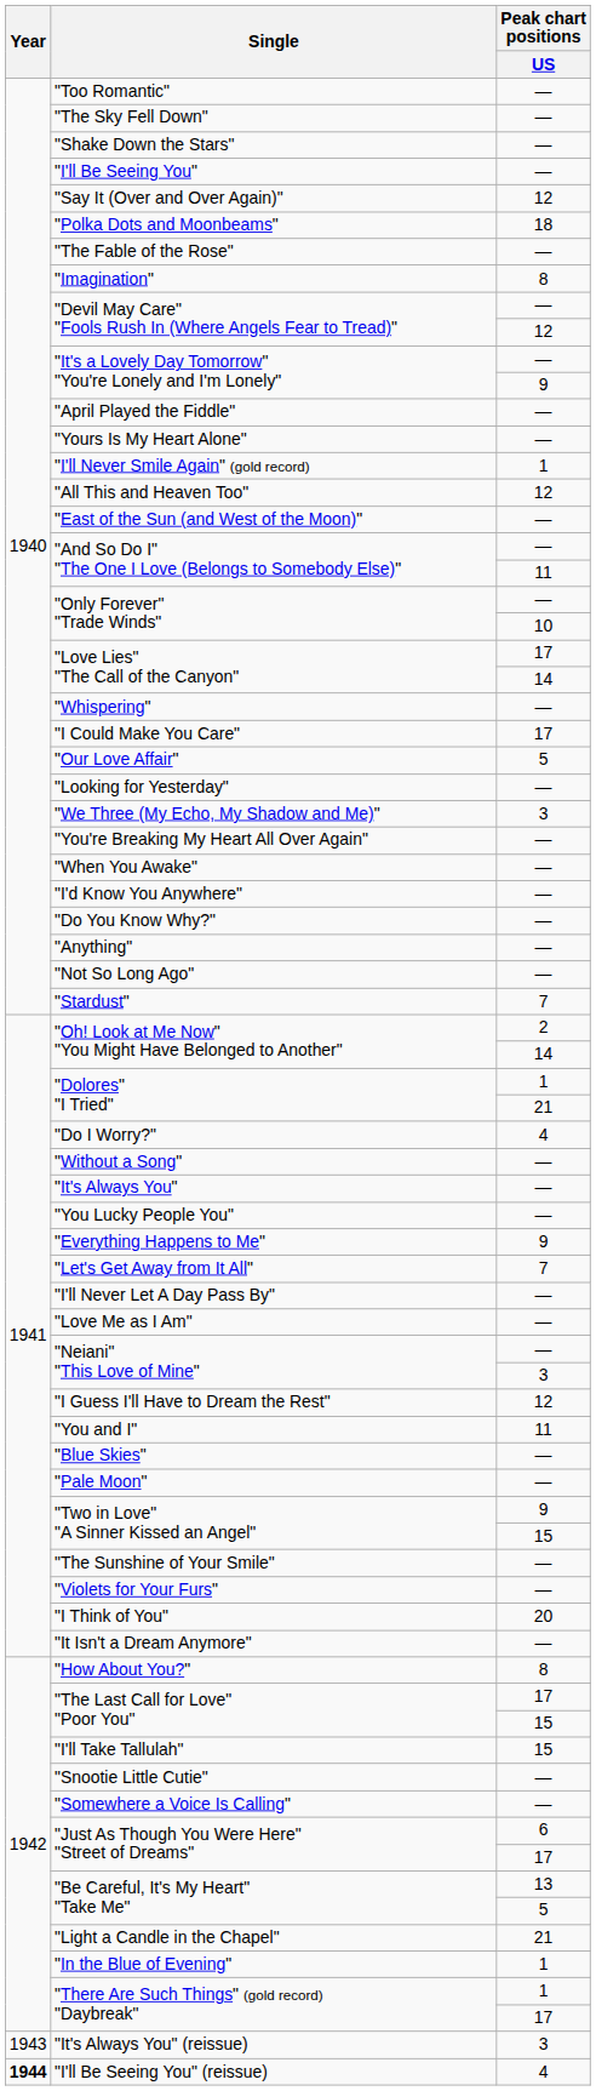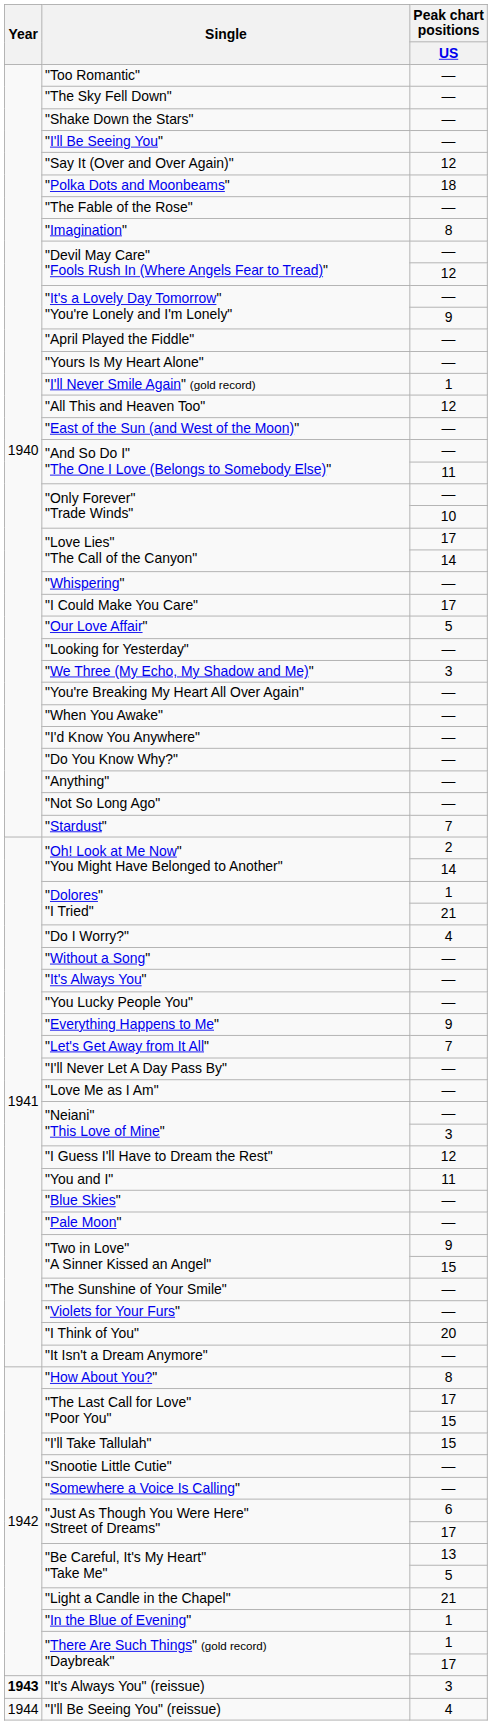 <table class="wikitable" plainrowheaders" style="text-align:center">
 <tr>
 <th rowspan="2">Year</th>
 <th rowspan=2 style=width:26em;>Single</th>
 <th>Peak chart<br>positions</th>
 </tr>
 <tr>
 <th><a href='#'>US</a></th>
 </tr>
 <tr>
 <td rowspan="35">1940</td>
 <td style="text-align:left;">"Too Romantic"</td>
 <td>—</td>
 </tr>
 <tr>
 <td style="text-align:left;">"The Sky Fell Down"</td>
 <td>—</td>
 </tr>
 <tr>
 <td style="text-align:left;">"Shake Down the Stars"</td>
 <td>—</td>
 </tr>
 <tr>
 <td style="text-align:left;">"<a href='#'>I'll Be Seeing You</a>"</td>
 <td>—</td>
 </tr>
 <tr>
 <td style="text-align:left;">"Say It (Over and Over Again)"</td>
 <td>12</td>
 </tr>
 <tr>
 <td style="text-align:left;">"<a href='#'>Polka Dots and Moonbeams</a>"</td>
 <td>18</td>
 </tr>
 <tr>
 <td style="text-align:left;">"The Fable of the Rose"</td>
 <td>—</td>
 </tr>
 <tr>
 <td style="text-align:left;">"<a href='#'>Imagination</a>"</td>
 <td>8</td>
 </tr>
 <tr>
 <td rowspan="2" style="text-align:left;">"Devil May Care"<br>"<a href='#'>Fools Rush In (Where Angels Fear to Tread)</a>"</td>
 <td>—</td>
 </tr>
 <tr>
 <td>12</td>
 </tr>
 <tr>
 <td rowspan="2" style="text-align:left;">"<a href='#'>It's a Lovely Day Tomorrow</a>" <br>"You're Lonely and I'm Lonely"</td>
 <td>—</td>
 </tr>
 <tr>
 <td>9</td>
 </tr>
 <tr>
 <td style="text-align:left;">"April Played the Fiddle"</td>
 <td>—</td>
 </tr>
 <tr>
 <td style="text-align:left;">"Yours Is My Heart Alone"</td>
 <td>—</td>
 </tr>
 <tr>
 <td style="text-align:left;">"<a href='#'>I'll Never Smile Again</a>" <small>(gold record)</small></td>
 <td>1</td>
 </tr>
 <tr>
 <td style="text-align:left;">"All This and Heaven Too"</td>
 <td>12</td>
 </tr>
 <tr>
 <td style="text-align:left;">"<a href='#'>East of the Sun (and West of the Moon)</a>"</td>
 <td>—</td>
 </tr>
 <tr>
 <td rowspan="2" style="text-align:left;">"And So Do I"<br>"<a href='#'>The One I Love (Belongs to Somebody Else)</a>"</td>
 <td>—</td>
 </tr>
 <tr>
 <td>11</td>
 </tr>
 <tr>
 <td rowspan="2" style="text-align:left;">"Only Forever"<br>"Trade Winds"</td>
 <td>—</td>
 </tr>
 <tr>
 <td>10</td>
 </tr>
 <tr>
 <td rowspan="2" style="text-align:left;">"Love Lies"<br>"The Call of the Canyon"</td>
 <td>17</td>
 </tr>
 <tr>
 <td>14</td>
 </tr>
 <tr>
 <td style="text-align:left;">"<a href='#'>Whispering</a>"</td>
 <td>—</td>
 </tr>
 <tr>
 <td style="text-align:left;">"I Could Make You Care"</td>
 <td>17</td>
 </tr>
 <tr>
 <td style="text-align:left;">"<a href='#'>Our Love Affair</a>"</td>
 <td>5</td>
 </tr>
 <tr>
 <td style="text-align:left;">"Looking for Yesterday"</td>
 <td>—</td>
 </tr>
 <tr>
 <td style="text-align:left;">"<a href='#'>We Three (My Echo, My Shadow and Me)</a>"</td>
 <td>3</td>
 </tr>
 <tr>
 <td style="text-align:left;">"You're Breaking My Heart All Over Again"</td>
 <td>—</td>
 </tr>
 <tr>
 <td style="text-align:left;">"When You Awake"</td>
 <td>—</td>
 </tr>
 <tr>
 <td style="text-align:left;">"I'd Know You Anywhere"</td>
 <td>—</td>
 </tr>
 <tr>
 <td style="text-align:left;">"Do You Know Why?"</td>
 <td>—</td>
 </tr>
 <tr>
 <td style="text-align:left;">"Anything"</td>
 <td>—</td>
 </tr>
 <tr>
 <td style="text-align:left;">"Not So Long Ago"</td>
 <td>—</td>
 </tr>
 <tr>
 <td style="text-align:left;">"<a href='#'>Stardust</a>"</td>
 <td>7</td>
 </tr>
 <tr>
 <td rowspan="24">1941</td>
 <td rowspan="2" style="text-align:left;">"<a href='#'>Oh! Look at Me Now</a>" <br>"You Might Have Belonged to Another"</td>
 <td>2</td>
 </tr>
 <tr>
 <td>14</td>
 </tr>
 <tr>
 <td rowspan="2" style="text-align:left;">"<a href='#'>Dolores</a>" <br>"I Tried"</td>
 <td>1</td>
 </tr>
 <tr>
 <td>21</td>
 </tr>
 <tr>
 <td style="text-align:left;">"Do I Worry?"</td>
 <td>4</td>
 </tr>
 <tr>
 <td style="text-align:left;">"<a href='#'>Without a Song</a>"</td>
 <td>—</td>
 </tr>
 <tr>
 <td style="text-align:left;">"<a href='#'>It's Always You</a>"</td>
 <td>—</td>
 </tr>
 <tr>
 <td style="text-align:left;">"You Lucky People You"</td>
 <td>—</td>
 </tr>
 <tr>
 <td style="text-align:left;">"<a href='#'>Everything Happens to Me</a>"</td>
 <td>9</td>
 </tr>
 <tr>
 <td style="text-align:left;">"<a href='#'>Let's Get Away from It All</a>"</td>
 <td>7</td>
 </tr>
 <tr>
 <td style="text-align:left;">"I'll Never Let A Day Pass By"</td>
 <td>—</td>
 </tr>
 <tr>
 <td style="text-align:left;">"Love Me as I Am"</td>
 <td>—</td>
 </tr>
 <tr>
 <td rowspan="2" style="text-align:left;">"Neiani"<br>"<a href='#'>This Love of Mine</a>"</td>
 <td>—</td>
 </tr>
 <tr>
 <td>3</td>
 </tr>
 <tr>
 <td style="text-align:left;">"I Guess I'll Have to Dream the Rest"</td>
 <td>12</td>
 </tr>
 <tr>
 <td style="text-align:left;">"You and I"</td>
 <td>11</td>
 </tr>
 <tr>
 <td style="text-align:left;">"<a href='#'>Blue Skies</a>"</td>
 <td>—</td>
 </tr>
 <tr>
 <td style="text-align:left;">"<a href='#'>Pale Moon</a>"</td>
 <td>—</td>
 </tr>
 <tr>
 <td rowspan="2" style="text-align:left;">"Two in Love"<br>"A Sinner Kissed an Angel"</td>
 <td>9</td>
 </tr>
 <tr>
 <td>15</td>
 </tr>
 <tr>
 <td style="text-align:left;">"The Sunshine of Your Smile"</td>
 <td>—</td>
 </tr>
 <tr>
 <td style="text-align:left;">"<a href='#'>Violets for Your Furs</a>"</td>
 <td>—</td>
 </tr>
 <tr>
 <td style="text-align:left;">"I Think of You"</td>
 <td>20</td>
 </tr>
 <tr>
 <td style="text-align:left;">"It Isn't a Dream Anymore"</td>
 <td>—</td>
 </tr>
 <tr>
 <td rowspan="14">1942</td>
 <td style="text-align:left;">"<a href='#'>How About You?</a>"</td>
 <td>8</td>
 </tr>
 <tr>
 <td rowspan="2" style="text-align:left;">"The Last Call for Love"<br>"Poor You"</td>
 <td>17</td>
 </tr>
 <tr>
 <td>15</td>
 </tr>
 <tr>
 <td style="text-align:left;">"I'll Take Tallulah"</td>
 <td>15</td>
 </tr>
 <tr>
 <td style="text-align:left;">"Snootie Little Cutie"</td>
 <td>—</td>
 </tr>
 <tr>
 <td style="text-align:left;">"<a href='#'>Somewhere a Voice Is Calling</a>"</td>
 <td>—</td>
 </tr>
 <tr>
 <td rowspan="2" style="text-align:left;">"Just As Though You Were Here"<br>"Street of Dreams"</td>
 <td>6</td>
 </tr>
 <tr>
 <td>17</td>
 </tr>
 <tr>
 <td rowspan="2" style="text-align:left;">"Be Careful, It's My Heart"<br>"Take Me"</td>
 <td>13</td>
 </tr>
 <tr>
 <td>5</td>
 </tr>
 <tr>
 <td style="text-align:left;">"Light a Candle in the Chapel"</td>
 <td>21</td>
 </tr>
 <tr>
 <td style="text-align:left;">"<a href='#'>In the Blue of Evening</a>"</td>
 <td>1</td>
 </tr>
 <tr>
 <td rowspan="2" style="text-align:left;">"<a href='#'>There Are Such Things</a>" <small>(gold record)</small><br>"Daybreak"</td>
 <td>1</td>
 </tr>
 <tr>
 <td>17</td>
 </tr>
 <tr>
-<td>1943</td>
+<td><strong>1943</strong></td>
 <td style="text-align:left;">"It's Always You" (reissue)</td>
 <td>3</td>
 </tr>
 <tr>
-<td><strong>1944</strong></td>
+<td>1944</td>
 <td style="text-align:left;">"I'll Be Seeing You" (reissue)</td>
 <td>4</td>
 </tr>
 </table>
